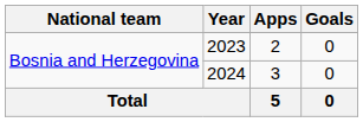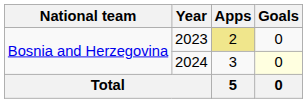 <table class="wikitable" style="text-align:center">
 <tr>
 <th>National team</th>
 <th>Year</th>
 <th>Apps</th>
 <th>Goals</th>
 </tr>
 <tr>
 <td rowspan=3><a href='#'>Bosnia and Herzegovina</a></td>
 </tr>
 <tr>
 <td>2023</td>
-<td>2</td>
+<td style="background: khaki;">2</td>
 <td>0</td>
 </tr>
 <tr>
 <td>2024</td>
 <td>3</td>
-<td>0</td>
+<td style="background: lightyellow;">0</td>
 </tr>
 <tr>
 <th colspan=2>Total</th>
 <th>5</th>
 <th>0</th>
 </tr>
 </table>
